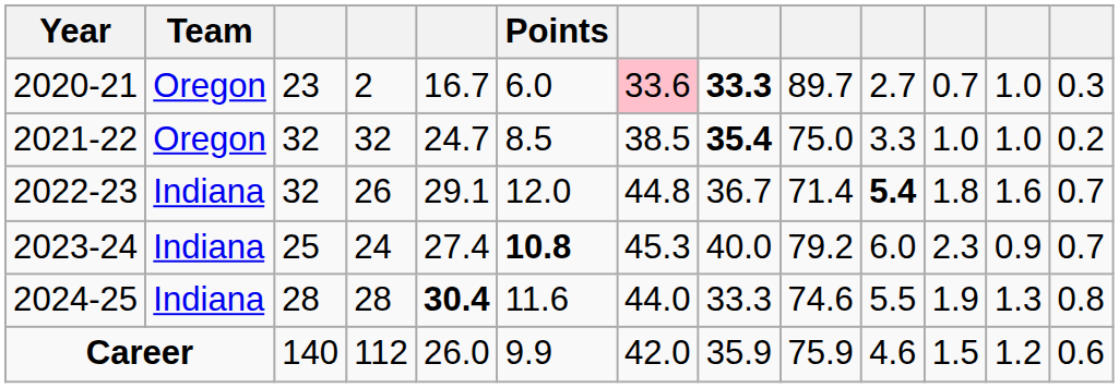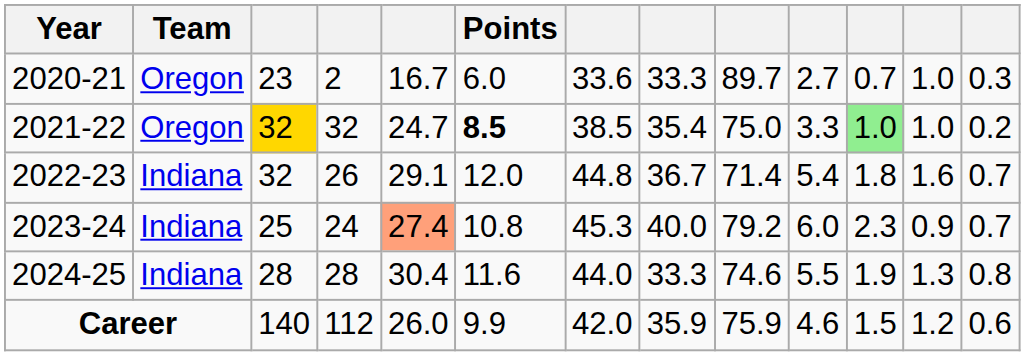 <table class="wikitable">
 <tr>
 <th scope="col">Year</th>
 <th scope="col">Team</th>
 <th scope="col"></th>
 <th></th>
 <th></th>
 <th scope="col">Points</th>
 <th scope="col"></th>
 <th scope="col"></th>
 <th scope="col"></th>
 <th scope="col"></th>
 <th scope="col"></th>
 <th scope="col"></th>
 <th scope="col"></th>
 </tr>
 <tr>
 <td>2020-21</td>
 <td><a href='#'>Oregon</a></td>
 <td>23</td>
 <td>2</td>
 <td>16.7</td>
 <td>6.0</td>
-<td style="background: pink;">33.6</td>
-<td><strong>33.3</strong></td>
+<td>33.6</td>
+<td>33.3</td>
 <td>89.7</td>
 <td>2.7</td>
 <td>0.7</td>
 <td>1.0</td>
 <td>0.3</td>
 </tr>
 <tr>
 <td>2021-22</td>
 <td><a href='#'>Oregon</a></td>
-<td>32</td>
+<td style="background: gold;">32</td>
 <td>32</td>
 <td>24.7</td>
-<td>8.5</td>
+<td><strong>8.5</strong></td>
 <td>38.5</td>
-<td><strong>35.4</strong></td>
+<td>35.4</td>
 <td>75.0</td>
 <td>3.3</td>
-<td>1.0</td>
+<td style="background: lightgreen;">1.0</td>
 <td>1.0</td>
 <td>0.2</td>
 </tr>
 <tr>
 <td>2022-23</td>
 <td><a href='#'>Indiana</a></td>
 <td>32</td>
 <td>26</td>
 <td>29.1</td>
 <td>12.0</td>
 <td>44.8</td>
 <td>36.7</td>
 <td>71.4</td>
-<td><strong>5.4</strong></td>
+<td>5.4</td>
 <td>1.8</td>
 <td>1.6</td>
 <td>0.7</td>
 </tr>
 <tr>
 <td>2023-24</td>
 <td><a href='#'>Indiana</a></td>
 <td>25</td>
 <td>24</td>
-<td>27.4</td>
-<td><strong>10.8</strong></td>
+<td style="background: lightsalmon;">27.4</td>
+<td>10.8</td>
 <td>45.3</td>
 <td>40.0</td>
 <td>79.2</td>
 <td>6.0</td>
 <td>2.3</td>
 <td>0.9</td>
 <td>0.7</td>
 </tr>
 <tr>
 <td>2024-25</td>
 <td><a href='#'>Indiana</a></td>
 <td>28</td>
 <td>28</td>
-<td><strong>30.4</strong></td>
+<td>30.4</td>
 <td>11.6</td>
 <td>44.0</td>
 <td>33.3</td>
 <td>74.6</td>
 <td>5.5</td>
 <td>1.9</td>
 <td>1.3</td>
 <td>0.8</td>
 </tr>
 <tr>
 <td colspan="2" align="center"><strong>Career</strong></td>
 <td>140</td>
 <td>112</td>
 <td>26.0</td>
 <td>9.9</td>
 <td>42.0</td>
 <td>35.9</td>
 <td>75.9</td>
 <td>4.6</td>
 <td>1.5</td>
 <td>1.2</td>
 <td>0.6</td>
 </tr>
 </table>
